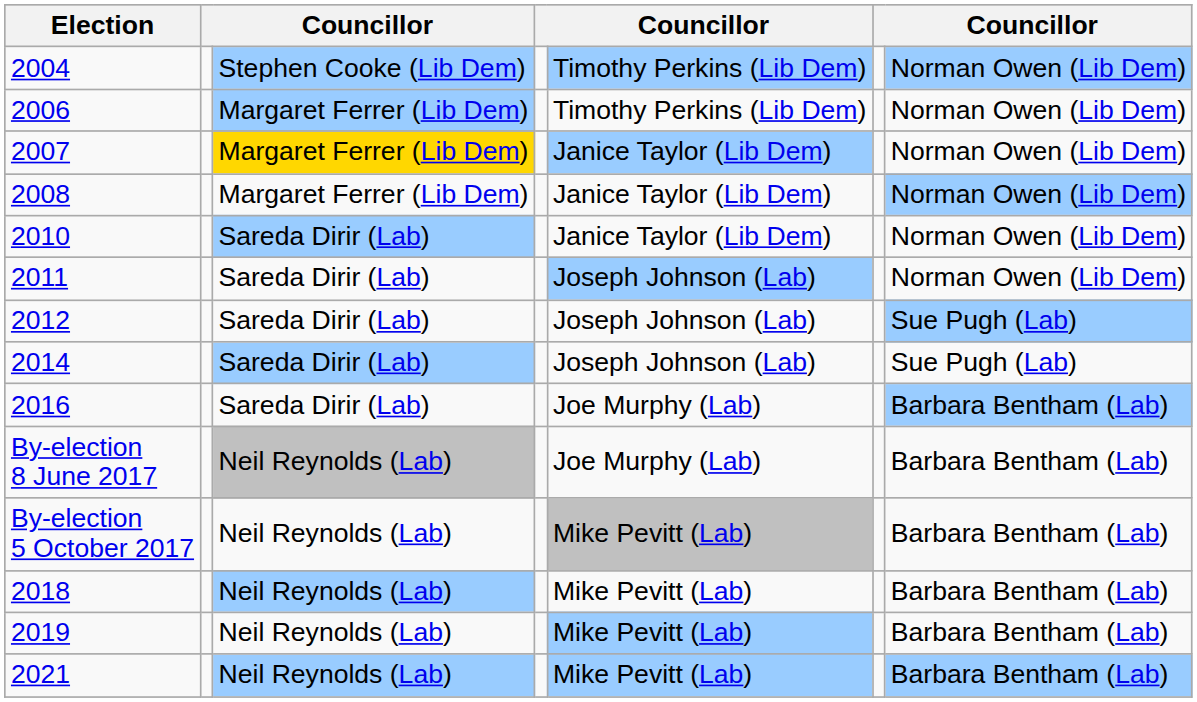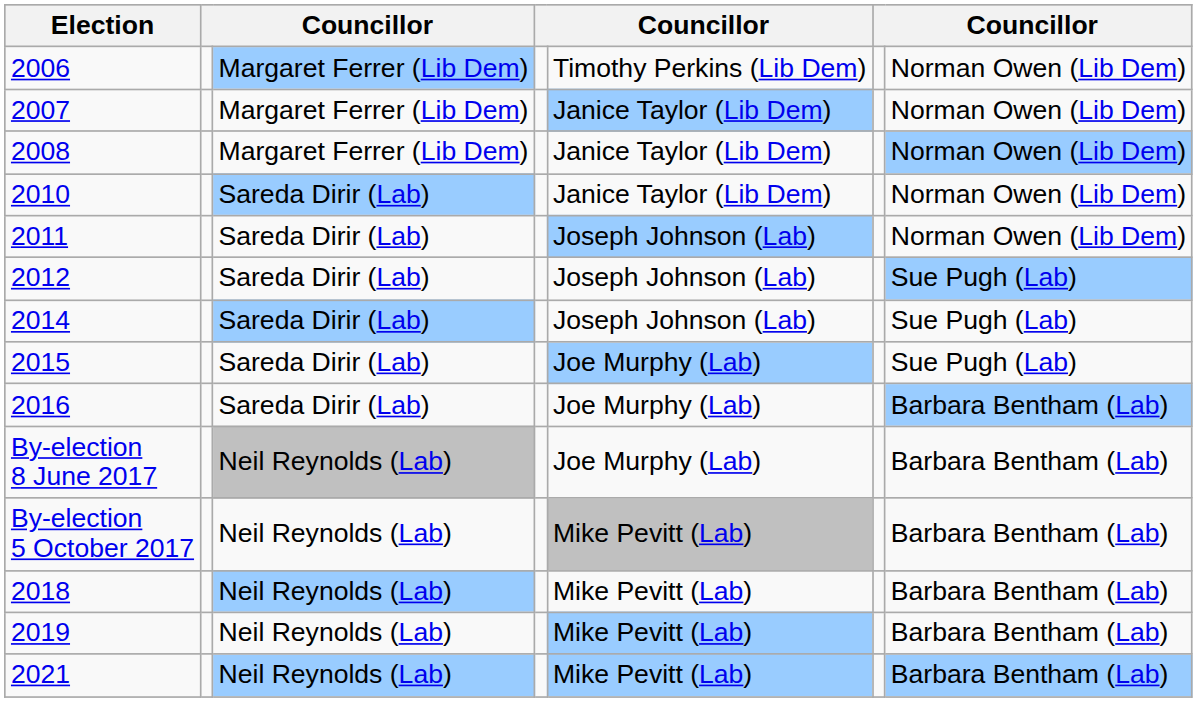 <table class="wikitable">
 <tr>
 <th>Election</th>
 <th colspan="2">Councillor</th>
 <th colspan="2">Councillor</th>
 <th colspan="2">Councillor</th>
-</tr>
-<tr>
-<td><a href='#'>2004</a></td>
-<td style="background-color: "></td>
-<td bgcolor="#99CCFF">Stephen Cooke (<a href='#'>Lib Dem</a>)</td>
-<td style="background-color: "></td>
-<td bgcolor="#99CCFF">Timothy Perkins (<a href='#'>Lib Dem</a>)</td>
-<td style="background-color: "></td>
-<td bgcolor="#99CCFF">Norman Owen (<a href='#'>Lib Dem</a>)</td>
 </tr>
 <tr>
 <td><a href='#'>2006</a></td>
 <td style="background-color: "></td>
 <td bgcolor="#99CCFF">Margaret Ferrer (<a href='#'>Lib Dem</a>)</td>
 <td style="background-color: "></td>
 <td>Timothy Perkins (<a href='#'>Lib Dem</a>)</td>
 <td style="background-color: "></td>
 <td>Norman Owen (<a href='#'>Lib Dem</a>)</td>
 </tr>
 <tr>
 <td><a href='#'>2007</a></td>
 <td style="background-color: "></td>
-<td style="background: gold;">Margaret Ferrer (<a href='#'>Lib Dem</a>)</td>
+<td>Margaret Ferrer (<a href='#'>Lib Dem</a>)</td>
 <td style="background-color: "></td>
 <td bgcolor="#99CCFF">Janice Taylor (<a href='#'>Lib Dem</a>)</td>
 <td style="background-color: "></td>
 <td>Norman Owen (<a href='#'>Lib Dem</a>)</td>
 </tr>
 <tr>
 <td><a href='#'>2008</a></td>
 <td style="background-color: "></td>
 <td>Margaret Ferrer (<a href='#'>Lib Dem</a>)</td>
 <td style="background-color: "></td>
 <td>Janice Taylor (<a href='#'>Lib Dem</a>)</td>
 <td style="background-color: "></td>
 <td bgcolor="#99CCFF">Norman Owen (<a href='#'>Lib Dem</a>)</td>
 </tr>
 <tr>
 <td><a href='#'>2010</a></td>
 <td style="background-color: "></td>
 <td bgcolor="#99CCFF">Sareda Dirir (<a href='#'>Lab</a>)</td>
 <td style="background-color: "></td>
 <td>Janice Taylor (<a href='#'>Lib Dem</a>)</td>
 <td style="background-color: "></td>
 <td>Norman Owen (<a href='#'>Lib Dem</a>)</td>
 </tr>
 <tr>
 <td><a href='#'>2011</a></td>
 <td style="background-color: "></td>
 <td>Sareda Dirir (<a href='#'>Lab</a>)</td>
 <td style="background-color: "></td>
 <td bgcolor="#99CCFF">Joseph Johnson (<a href='#'>Lab</a>)</td>
 <td style="background-color: "></td>
 <td>Norman Owen (<a href='#'>Lib Dem</a>)</td>
 </tr>
 <tr>
 <td><a href='#'>2012</a></td>
 <td style="background-color: "></td>
 <td>Sareda Dirir (<a href='#'>Lab</a>)</td>
 <td style="background-color: "></td>
 <td>Joseph Johnson (<a href='#'>Lab</a>)</td>
 <td style="background-color: "></td>
 <td bgcolor="#99CCFF">Sue Pugh (<a href='#'>Lab</a>)</td>
 </tr>
 <tr>
 <td><a href='#'>2014</a></td>
 <td style="background-color: "></td>
 <td bgcolor="#99CCFF">Sareda Dirir (<a href='#'>Lab</a>)</td>
 <td style="background-color: "></td>
 <td>Joseph Johnson (<a href='#'>Lab</a>)</td>
+<td style="background-color: "></td>
+<td>Sue Pugh (<a href='#'>Lab</a>)</td>
+</tr>
+<tr>
+<td><a href='#'>2015</a></td>
+<td style="background-color: "></td>
+<td>Sareda Dirir (<a href='#'>Lab</a>)</td>
+<td style="background-color: "></td>
+<td bgcolor="#99CCFF">Joe Murphy (<a href='#'>Lab</a>)</td>
 <td style="background-color: "></td>
 <td>Sue Pugh (<a href='#'>Lab</a>)</td>
 </tr>
 <tr>
 <td><a href='#'>2016</a></td>
 <td style="background-color: "></td>
 <td>Sareda Dirir (<a href='#'>Lab</a>)</td>
 <td style="background-color: "></td>
 <td>Joe Murphy (<a href='#'>Lab</a>)</td>
 <td style="background-color: "></td>
 <td bgcolor="#99CCFF">Barbara Bentham (<a href='#'>Lab</a>)</td>
 </tr>
 <tr>
 <td><a href='#'>By-election<br>8 June 2017</a></td>
 <td style="background-color: "></td>
 <td bgcolor="#C0C0C0">Neil Reynolds (<a href='#'>Lab</a>)</td>
 <td style="background-color: "></td>
 <td>Joe Murphy (<a href='#'>Lab</a>)</td>
 <td style="background-color: "></td>
 <td>Barbara Bentham (<a href='#'>Lab</a>)</td>
 </tr>
 <tr>
 <td><a href='#'>By-election<br>5 October 2017</a></td>
 <td style="background-color: "></td>
 <td>Neil Reynolds (<a href='#'>Lab</a>)</td>
 <td style="background-color: "></td>
 <td bgcolor="#C0C0C0">Mike Pevitt (<a href='#'>Lab</a>)</td>
 <td style="background-color: "></td>
 <td>Barbara Bentham (<a href='#'>Lab</a>)</td>
 </tr>
 <tr>
 <td><a href='#'>2018</a></td>
 <td style="background-color: "></td>
 <td bgcolor="#99CCFF">Neil Reynolds (<a href='#'>Lab</a>)</td>
 <td style="background-color: "></td>
 <td>Mike Pevitt (<a href='#'>Lab</a>)</td>
 <td style="background-color: "></td>
 <td>Barbara Bentham (<a href='#'>Lab</a>)</td>
 </tr>
 <tr>
 <td><a href='#'>2019</a></td>
 <td style="background-color: "></td>
 <td>Neil Reynolds (<a href='#'>Lab</a>)</td>
 <td style="background-color: "></td>
 <td bgcolor="#99CCFF">Mike Pevitt (<a href='#'>Lab</a>)</td>
 <td style="background-color: "></td>
 <td>Barbara Bentham (<a href='#'>Lab</a>)</td>
 </tr>
 <tr>
 <td><a href='#'>2021</a></td>
 <td style="background-color: "></td>
 <td bgcolor="#99CCFF">Neil Reynolds (<a href='#'>Lab</a>)</td>
 <td style="background-color: "></td>
 <td bgcolor="#99CCFF">Mike Pevitt (<a href='#'>Lab</a>)</td>
 <td style="background-color: "></td>
 <td bgcolor="#99CCFF">Barbara Bentham (<a href='#'>Lab</a>)</td>
 </tr>
 </table>
